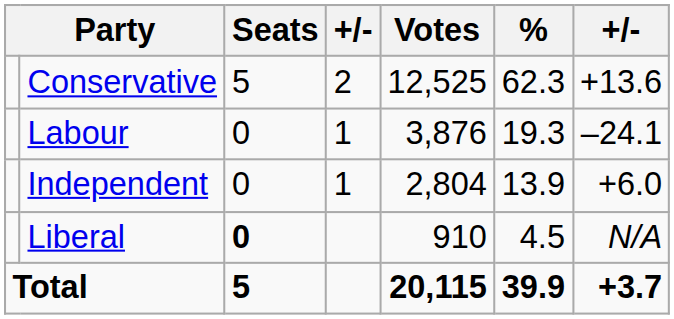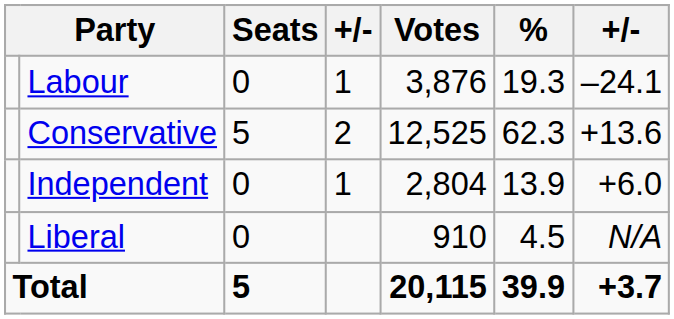 <table class="wikitable sortable">
 <tr>
 <th colspan="2">Party</th>
 <th>Seats</th>
 <th>+/-</th>
 <th>Votes</th>
 <th>%</th>
 <th>+/-</th>
 </tr>
 <tr>
 <td style="background-color: "></td>
+<td><a href='#'>Labour</a></td>
+<td>0</td>
+<td> 1</td>
+<td style="text-align:right;">3,876</td>
+<td style="text-align:right;">19.3</td>
+<td style="text-align:right;">–24.1</td>
+</tr>
+<tr>
+<td style="background-color: "></td>
 <td><a href='#'>Conservative</a></td>
 <td>5</td>
 <td> 2</td>
 <td style="text-align:right;">12,525</td>
 <td style="text-align:right;">62.3</td>
 <td style="text-align:right;">+13.6</td>
-</tr>
-<tr>
-<td style="background-color: "></td>
-<td><a href='#'>Labour</a></td>
-<td>0</td>
-<td> 1</td>
-<td style="text-align:right;">3,876</td>
-<td style="text-align:right;">19.3</td>
-<td style="text-align:right;">–24.1</td>
 </tr>
 <tr>
 <td style="background-color: "></td>
 <td><a href='#'>Independent</a></td>
 <td>0</td>
 <td> 1</td>
 <td style="text-align:right;">2,804</td>
 <td style="text-align:right;">13.9</td>
 <td style="text-align:right;">+6.0</td>
 </tr>
 <tr>
 <td style="background-color: "></td>
 <td><a href='#'>Liberal</a></td>
-<td><strong>0</strong></td>
+<td>0</td>
 <td></td>
 <td style="text-align:right;">910</td>
 <td style="text-align:right;">4.5</td>
 <td style="text-align:right;"><em>N/A</em></td>
 </tr>
 <tr>
 <td colspan="2"><strong>Total</strong></td>
 <td><strong>5</strong></td>
 <td></td>
 <td style="text-align:right;"><strong>20,115</strong></td>
 <td style="text-align:right;"><strong>39.9</strong></td>
 <td style="text-align:right;"><strong>+3.7</strong></td>
 </tr>
 </table>
